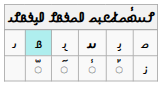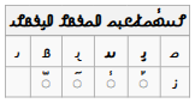 <table class="wikitable">
 <tr>
 <th colspan=6>𐴌𐴟𐴇𐴥𐴝𐴚𐴒𐴙𐴝 𐴀𐴝𐴉𐴡𐴌 𐴀𐴞𐴉𐴡𐴌𐴢</th>
 </tr>
 <tr>
 </tr>
 <tr align=center | >
 <td>𐴢</td>
-<td style="background: paleturquoise;">𐴡</td>
+<td>𐴡</td>
 <td>𐴠</td>
 <td><strong>𐴟</strong></td>
-<td>𐴞</td>
+<td><strong>𐴞</strong></td>
 <td>𐴝</td>
 </tr>
 <tr align=center | >
 <td></td>
 <td>◌𐴧</td>
 <td>◌𐴦</td>
 <td>◌𐴥</td>
 <td>◌𐴤</td>
 <td>𐴣</td>
 </tr>
 </table>
